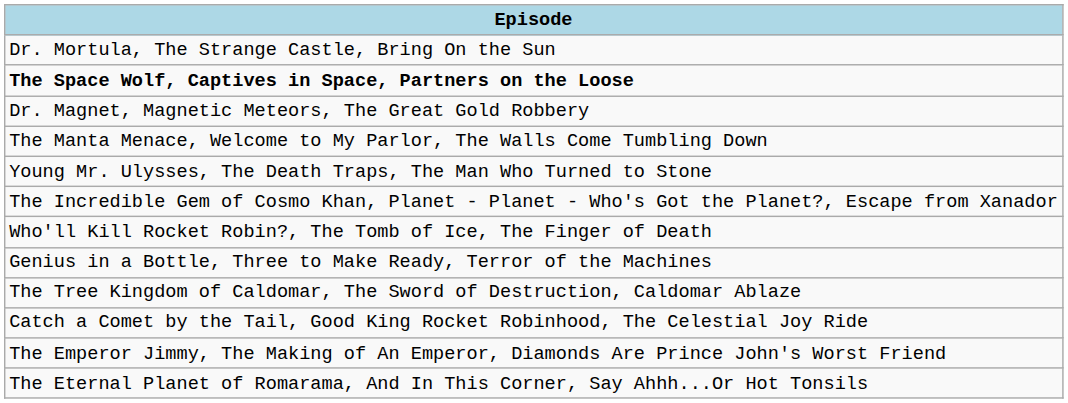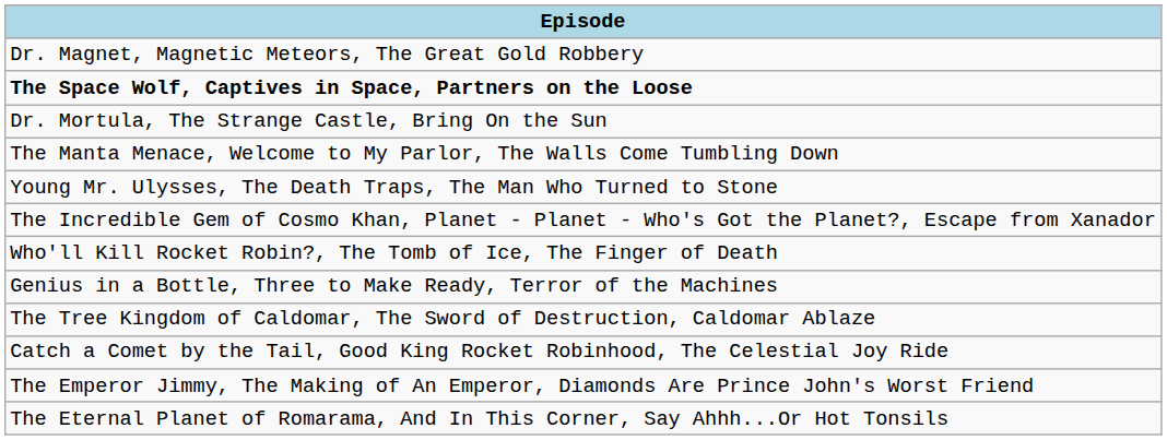 <table class="wikitable collapsible">
 <tr bgcolor="#add8e6">
 <th style="background-color:#ADD8E6;">Episode</th>
 </tr>
 <tr>
-<td>Dr. Mortula, The Strange Castle, Bring On the Sun</td>
+<td>Dr. Magnet, Magnetic Meteors, The Great Gold Robbery</td>
 </tr>
 <tr>
 <td><strong>The Space Wolf, Captives in Space, Partners on the Loose</strong></td>
 </tr>
 <tr>
-<td>Dr. Magnet, Magnetic Meteors, The Great Gold Robbery</td>
+<td>Dr. Mortula, The Strange Castle, Bring On the Sun</td>
 </tr>
 <tr>
 <td>The Manta Menace, Welcome to My Parlor, The Walls Come Tumbling Down</td>
 </tr>
 <tr>
 <td>Young Mr. Ulysses, The Death Traps, The Man Who Turned to Stone</td>
 </tr>
 <tr>
 <td>The Incredible Gem of Cosmo Khan, Planet - Planet - Who's Got the Planet?, Escape from Xanador</td>
 </tr>
 <tr>
 <td>Who'll Kill Rocket Robin?, The Tomb of Ice, The Finger of Death</td>
 </tr>
 <tr>
 <td>Genius in a Bottle, Three to Make Ready, Terror of the Machines</td>
 </tr>
 <tr>
 <td>The Tree Kingdom of Caldomar, The Sword of Destruction, Caldomar Ablaze</td>
 </tr>
 <tr>
 <td>Catch a Comet by the Tail, Good King Rocket Robinhood, The Celestial Joy Ride</td>
 </tr>
 <tr>
 <td>The Emperor Jimmy, The Making of An Emperor, Diamonds Are Prince John's Worst Friend</td>
 </tr>
 <tr>
 <td>The Eternal Planet of Romarama, And In This Corner, Say Ahhh...Or Hot Tonsils</td>
 </tr>
 </table>
